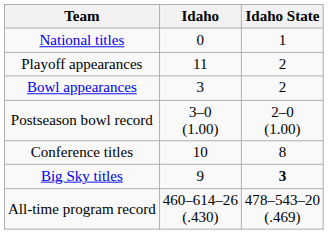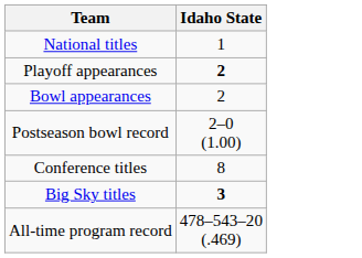 <table class="wikitable" style="text-align:center;">
 <tr>
 <th>Team</th>
-<th>Idaho</th>
 <th>Idaho State</th>
 </tr>
 <tr>
 <td><a href='#'>National titles</a></td>
-<td>0</td>
 <td>1</td>
 </tr>
 <tr>
 <td>Playoff appearances</td>
-<td>11</td>
-<td>2</td>
+<td><strong>2</strong></td>
 </tr>
 <tr>
 <td><a href='#'>Bowl appearances</a></td>
-<td>3</td>
 <td>2</td>
 </tr>
 <tr>
 <td>Postseason bowl record</td>
-<td>3–0<br>(1.00)</td>
 <td>2–0<br>(1.00)</td>
 </tr>
 <tr>
 <td>Conference titles</td>
-<td>10</td>
 <td>8</td>
 </tr>
 <tr>
 <td><a href='#'>Big Sky titles</a></td>
-<td>9</td>
 <td><strong>3</strong></td>
 </tr>
 <tr>
 <td>All-time program record</td>
-<td>460–614–26<br>(.430)</td>
 <td>478–543–20<br>(.469)</td>
 </tr>
 </table>
